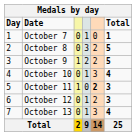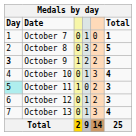 <table class=wikitable style="font-size:95%;">
 <tr>
 <th colspan=7><strong>Medals by day</strong></th>
 </tr>
 <tr>
 <td><strong>Day</strong></td>
 <td><strong>Date</strong></td>
 <td bgcolor=F7F6A8></td>
 <td bgcolor=DCE5E5></td>
 <td bgcolor=FFDAB9></td>
 <td><strong>Total</strong></td>
 </tr>
 <tr>
 <td>1</td>
 <td>October 7</td>
 <td bgcolor=F7F6A8>0</td>
 <td bgcolor=DCE5E5>1</td>
 <td bgcolor=FFDAB9>0</td>
 <td><strong>1</strong></td>
 </tr>
 <tr>
 <td>2</td>
 <td>October 8</td>
 <td bgcolor=F7F6A8>0</td>
 <td bgcolor=DCE5E5>3</td>
 <td bgcolor=FFDAB9>2</td>
 <td><strong>5</strong></td>
 </tr>
 <tr>
-<td>3</td>
+<td><strong>3</strong></td>
 <td>October 9</td>
 <td bgcolor=F7F6A8>1</td>
 <td bgcolor=DCE5E5>2</td>
 <td bgcolor=FFDAB9>2</td>
 <td><strong>5</strong></td>
 </tr>
 <tr>
 <td>4</td>
 <td>October 10</td>
 <td bgcolor=F7F6A8>0</td>
 <td bgcolor=DCE5E5>1</td>
 <td bgcolor=FFDAB9>3</td>
 <td><strong>4</strong></td>
 </tr>
 <tr>
-<td>5</td>
+<td style="background: paleturquoise;">5</td>
 <td>October 11</td>
 <td bgcolor=F7F6A8>1</td>
 <td bgcolor=DCE5E5>0</td>
-<td bgcolor=FFDAB9><strong>2</strong></td>
+<td bgcolor=FFDAB9>2</td>
 <td><strong>3</strong></td>
 </tr>
 <tr>
 <td>6</td>
 <td>October 12</td>
 <td bgcolor=F7F6A8>0</td>
 <td bgcolor=DCE5E5>1</td>
 <td bgcolor=FFDAB9>2</td>
 <td><strong>3</strong></td>
 </tr>
 <tr>
 <td>7</td>
 <td>October 13</td>
 <td bgcolor=F7F6A8>0</td>
 <td bgcolor=DCE5E5>1</td>
 <td bgcolor=FFDAB9>3</td>
 <td><strong>4</strong></td>
 </tr>
 <tr>
 <th colspan=2>Total</th>
 <th style="background:gold;">2</th>
 <th style="background:silver;">9</th>
 <th style="background:#c96;">14</th>
 <th>25</th>
 </tr>
 </table>
